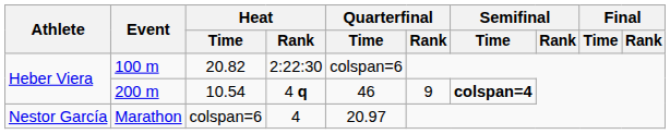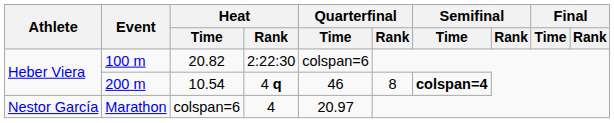 <table class=wikitable style=font-size:90%;text-align:center>
 <tr>
 <th rowspan=2>Athlete</th>
 <th rowspan=2>Event</th>
 <th colspan=2>Heat</th>
 <th colspan=2>Quarterfinal</th>
 <th colspan=2>Semifinal</th>
 <th colspan=2>Final</th>
 </tr>
 <tr style=font-size:95%>
 <th>Time</th>
 <th>Rank</th>
 <th>Time</th>
 <th>Rank</th>
 <th>Time</th>
 <th>Rank</th>
 <th>Time</th>
 <th>Rank</th>
 </tr>
 <tr>
 <td align=left rowspan=2><a href='#'>Heber Viera</a></td>
 <td align=left><a href='#'>100 m</a></td>
 <td>20.82</td>
 <td>2:22:30</td>
 <td>colspan=6 </td>
 </tr>
 <tr>
 <td align=left><a href='#'>200 m</a></td>
 <td>10.54</td>
 <td>4 <strong>q</strong></td>
 <td>46</td>
-<td>9</td>
+<td>8</td>
 <td><strong>colspan=4 </strong></td>
 </tr>
 <tr>
 <td align=left><a href='#'>Nestor García</a></td>
 <td align=left><a href='#'>Marathon</a></td>
 <td>colspan=6 </td>
 <td>4</td>
 <td>20.97</td>
 </tr>
 </table>
